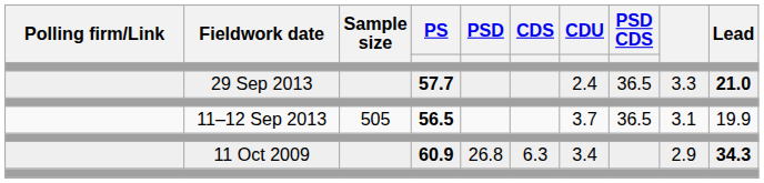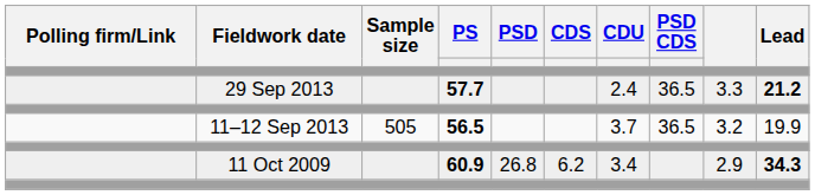 <table class="wikitable collapsible sortable" style="text-align:center; font-size:95%; line-height:16px;">
 <tr style="height:42px;">
 <th style="width:145px;" rowspan="2">Polling firm/Link</th>
 <th style="width:125px;" rowspan="2">Fieldwork date</th>
 <th class="unsortable" style="width:50px;" rowspan="2">Sample size</th>
 <th class="unsortable" style="width:35px;"><a href='#'>PS</a></th>
 <th class="unsortable" style="width:35px;"><a href='#'>PSD</a></th>
 <th class="unsortable" style="width:35px;"><a href='#'>CDS</a></th>
 <th class="unsortable" style="width:35px;"><a href='#'>CDU</a></th>
 <th class="unsortable" style="width:35px;"><a href='#'>PSD</a><br><a href='#'>CDS</a></th>
 <th class="unsortable" style="width:35px;" rowspan="2"></th>
 <th class="unsortable" style="width:30px;" rowspan="2">Lead</th>
 </tr>
 <tr>
 <th class="unsortable" style="color:inherit;background:"></th>
 <th class="unsortable" style="color:inherit;background:"></th>
 <th class="unsortable" style="color:inherit;background:"></th>
 <th class="unsortable" style="color:inherit;background:"></th>
 <th class="unsortable" style="color:inherit;background:"></th>
 </tr>
 <tr>
 <td colspan="13" style="background:#A0A0A0"></td>
 </tr>
 <tr style="background:#EFEFEF;">
 <td><strong></strong></td>
 <td data-sort-value="2019-10-06">29 Sep 2013</td>
 <td></td>
 <td><strong>57.7</strong><br></td>
 <td></td>
 <td></td>
 <td>2.4<br></td>
 <td>36.5<br></td>
 <td>3.3</td>
-<td style="background:"><strong>21.0</strong></td>
+<td style="background:"><strong>21.2</strong></td>
 </tr>
 <tr>
 <td colspan="13" style="background:#A0A0A0"></td>
 </tr>
 <tr>
 <td align="center"></td>
 <td align="center">11–12 Sep 2013</td>
 <td>505</td>
 <td align="center" ><strong>56.5</strong></td>
 <td></td>
 <td></td>
 <td align="center">3.7</td>
 <td align="center">36.5</td>
-<td align="center">3.1</td>
+<td align="center">3.2</td>
 <td style="background:">19.9</td>
 </tr>
 <tr>
 <td colspan="13" style="background:#A0A0A0"></td>
 </tr>
 <tr style="background:#EFEFEF;">
 <td><strong></strong></td>
 <td data-sort-value="2019-10-06">11 Oct 2009</td>
 <td></td>
 <td><strong>60.9</strong><br></td>
 <td>26.8<br></td>
-<td>6.3<br></td>
+<td>6.2<br></td>
 <td>3.4<br></td>
 <td></td>
 <td>2.9</td>
 <td style="background:"><strong>34.3</strong></td>
 </tr>
 <tr>
 <td colspan="13" style="background:#A0A0A0"></td>
 </tr>
 <tr>
 </tr>
 </table>
